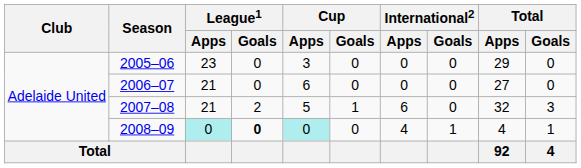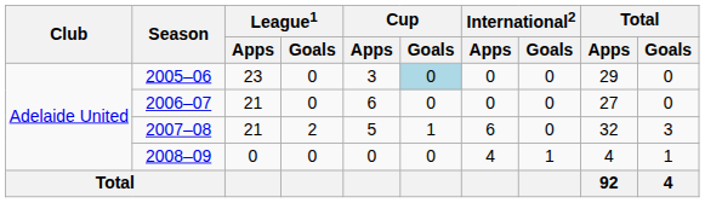 <table class="wikitable" style="text-align: center;">
 <tr>
 <th rowspan="2">Club</th>
 <th rowspan="2" width="80">Season</th>
 <th colspan="2" width="105">League<sup>1</sup></th>
 <th colspan="2" width="105">Cup</th>
 <th colspan="2" width="105">International<sup>2</sup></th>
 <th colspan="2" width="105">Total</th>
 </tr>
 <tr>
 <th>Apps</th>
 <th>Goals</th>
 <th>Apps</th>
 <th>Goals</th>
 <th>Apps</th>
 <th>Goals</th>
 <th>Apps</th>
 <th>Goals</th>
 </tr>
 <tr>
 <td rowspan="4" valign="center"><a href='#'>Adelaide United</a></td>
 <td><a href='#'>2005–06</a></td>
 <td>23</td>
 <td>0</td>
 <td>3</td>
-<td>0</td>
+<td style="background: lightblue;">0</td>
 <td>0</td>
 <td>0</td>
 <td>29</td>
 <td>0</td>
 </tr>
 <tr>
 <td><a href='#'>2006–07</a></td>
 <td>21</td>
 <td>0</td>
 <td>6</td>
 <td>0</td>
 <td>0</td>
 <td>0</td>
 <td>27</td>
 <td>0</td>
 </tr>
 <tr>
 <td><a href='#'>2007–08</a></td>
 <td>21</td>
 <td>2</td>
 <td>5</td>
 <td>1</td>
 <td>6</td>
 <td>0</td>
 <td>32</td>
 <td>3</td>
 </tr>
 <tr>
 <td><a href='#'>2008–09</a></td>
-<td style="background: paleturquoise;">0</td>
-<td><strong>0</strong></td>
-<td style="background: paleturquoise;">0</td>
+<td>0</td>
+<td>0</td>
+<td>0</td>
 <td>0</td>
 <td>4</td>
 <td>1</td>
 <td>4</td>
 <td>1</td>
 </tr>
 <tr>
 <th colspan="2">Total</th>
 <th></th>
 <th></th>
 <th></th>
 <th></th>
 <th></th>
 <th></th>
 <th>92</th>
 <th>4</th>
 </tr>
 </table>
